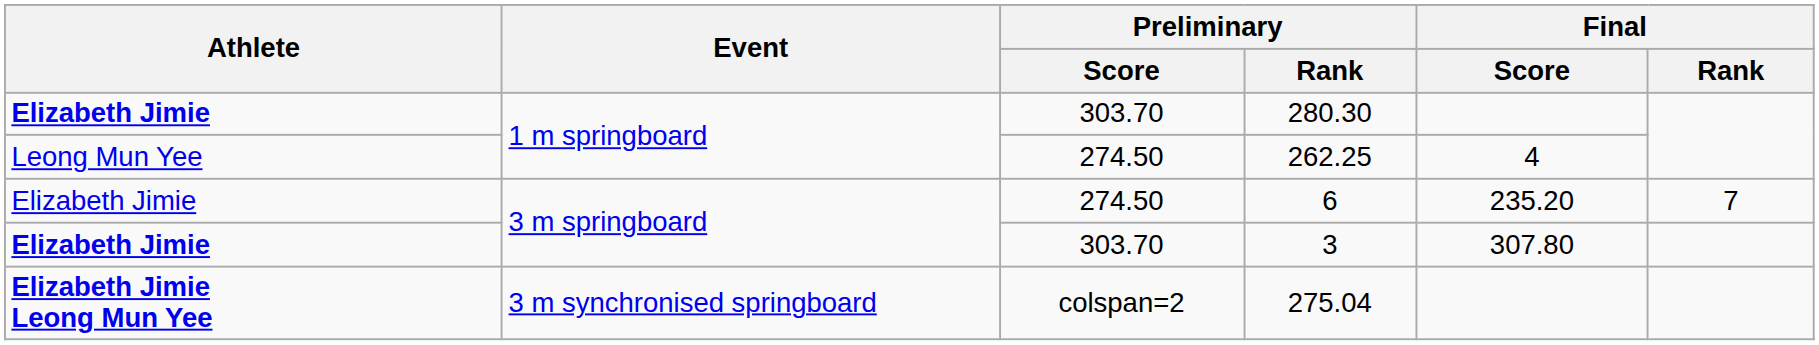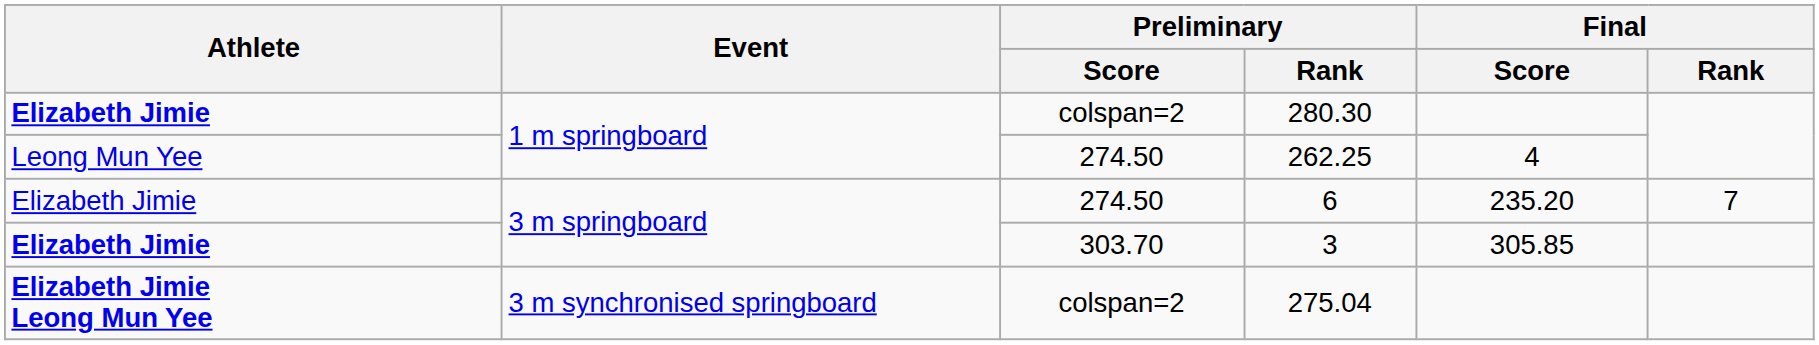 <table class="wikitable" width="75%" style="text-align:center; font-size:90%;">
 <tr>
 <th rowspan="2" width="15%">Athlete</th>
 <th rowspan="2" width="15%">Event</th>
 <th colspan="2" width="12%">Preliminary</th>
 <th colspan="2" width="12%">Final</th>
 </tr>
 <tr>
 <th width="7%">Score</th>
 <th>Rank</th>
 <th width="7%">Score</th>
 <th>Rank</th>
 </tr>
 <tr>
 <td align=left><strong><a href='#'>Elizabeth Jimie</a></strong></td>
 <td align=left rowspan=2><a href='#'>1 m springboard</a></td>
-<td>303.70</td>
+<td>colspan=2 </td>
 <td>280.30</td>
 <td></td>
 </tr>
 <tr>
 <td align=left><a href='#'>Leong Mun Yee</a></td>
 <td>274.50</td>
 <td>262.25</td>
 <td>4</td>
 </tr>
 <tr>
 <td align=left><a href='#'>Elizabeth Jimie</a></td>
 <td align=left rowspan=2><a href='#'>3 m springboard</a></td>
 <td>274.50</td>
 <td>6 <strong></strong></td>
 <td>235.20</td>
 <td>7</td>
 </tr>
 <tr>
 <td align=left><strong><a href='#'>Elizabeth Jimie</a></strong></td>
 <td>303.70</td>
 <td>3 <strong></strong></td>
-<td>307.80</td>
+<td>305.85</td>
 <td></td>
 </tr>
 <tr>
 <td align=left><strong><a href='#'>Elizabeth Jimie</a><br><a href='#'>Leong Mun Yee</a></strong></td>
 <td align=left><a href='#'>3 m synchronised springboard</a></td>
 <td>colspan=2 </td>
 <td>275.04</td>
 <td></td>
 </tr>
 </table>
